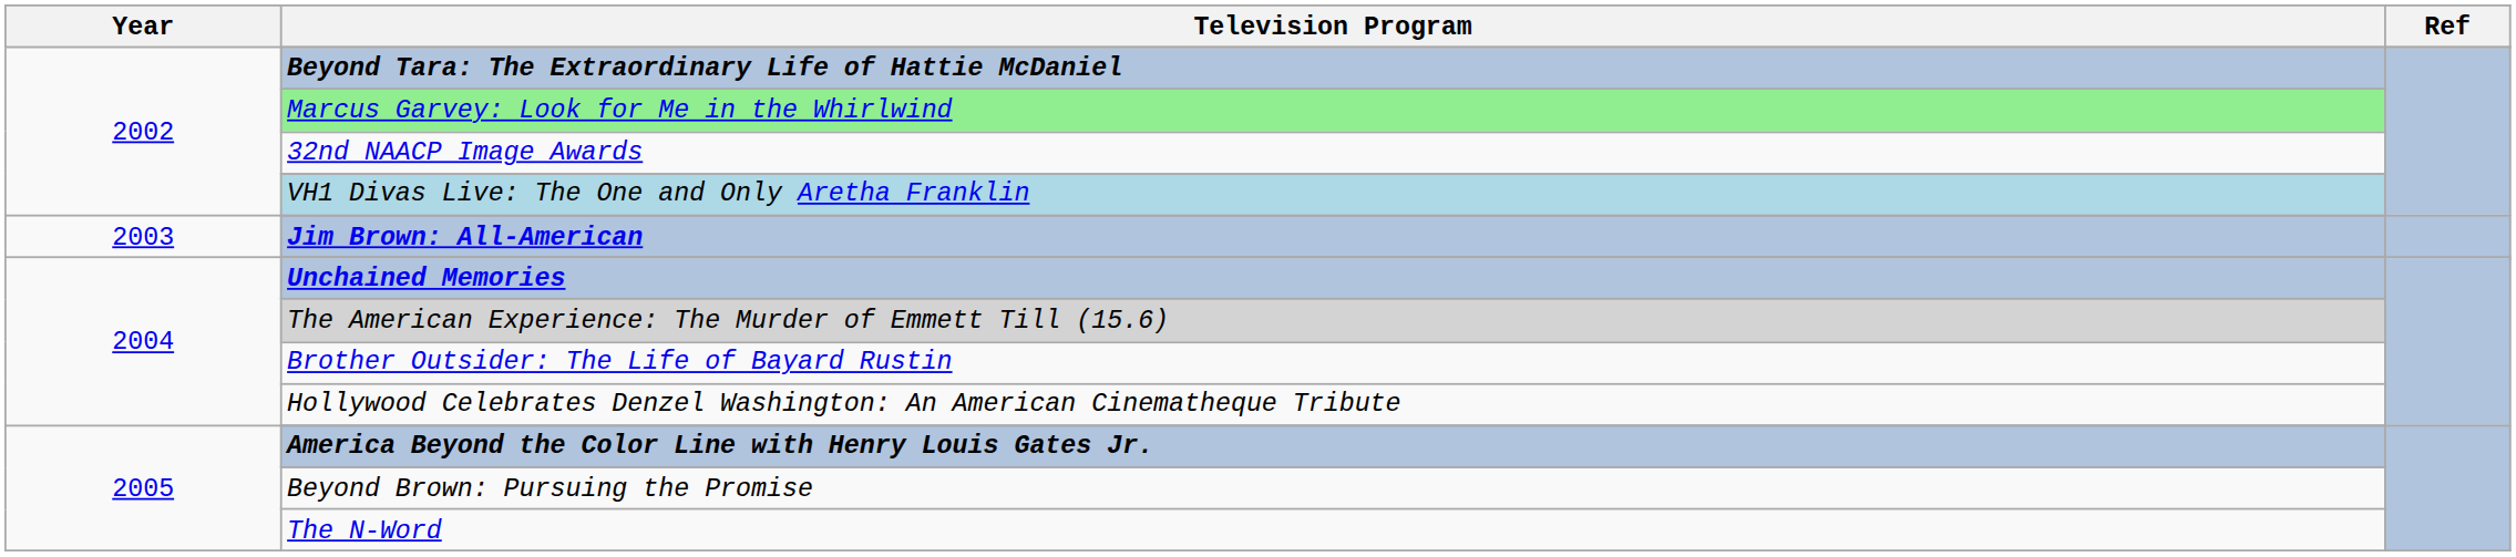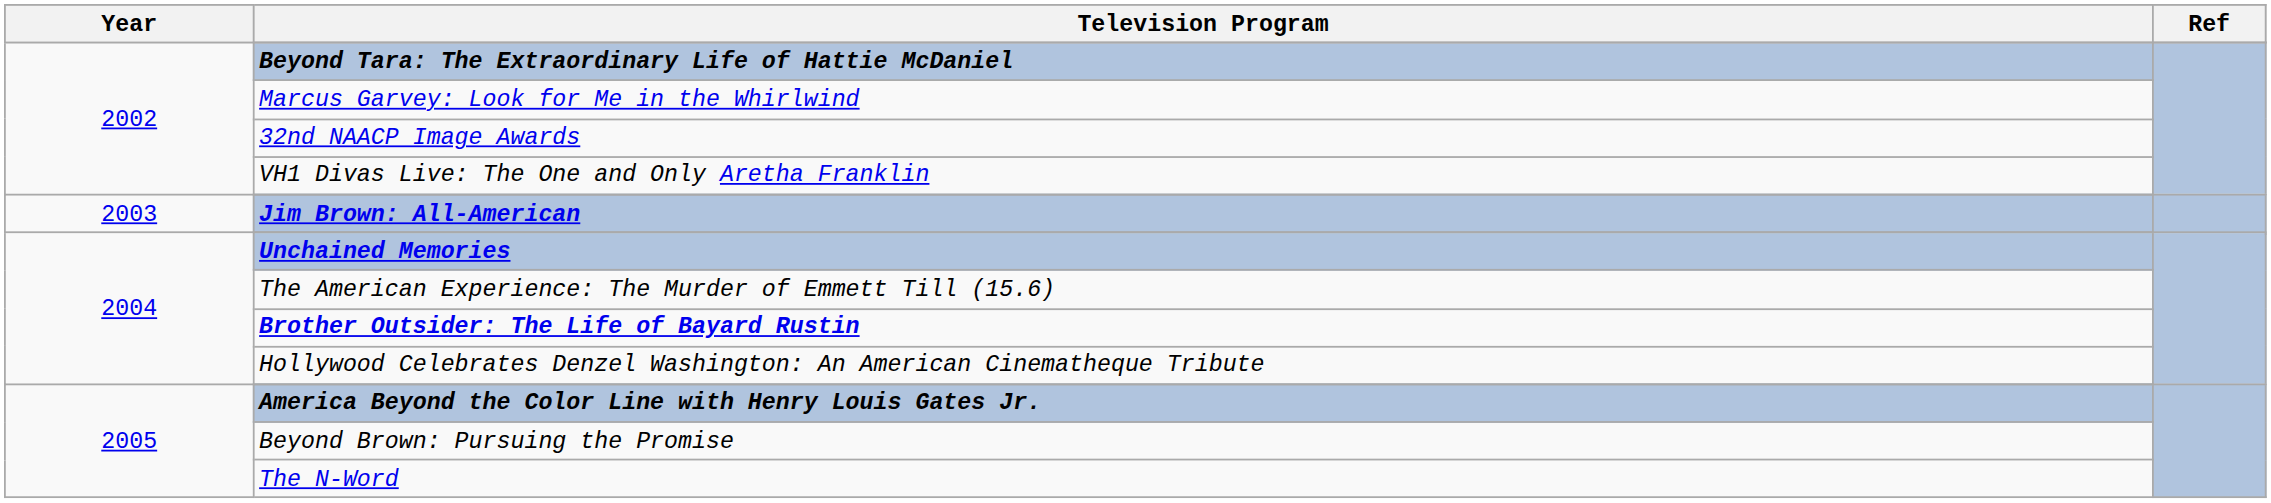 <table class="wikitable" style="width:100%;">
 <tr style="background:#bebebe;">
 <th style="width:11%;">Year</th>
 <th style="width:84%;">Television Program</th>
 <th style="width:5%;">Ref</th>
 </tr>
 <tr>
 <td rowspan="5" align="center"><a href='#'>2002</a></td>
 </tr>
 <tr style="background:#B0C4DE">
 <td><strong><em>Beyond Tara: The Extraordinary Life of Hattie McDaniel</em></strong></td>
 <td rowspan="5" align="center"></td>
 </tr>
 <tr>
-<td style="background: lightgreen;"><em><a href='#'>Marcus Garvey: Look for Me in the Whirlwind</a></em></td>
+<td><em><a href='#'>Marcus Garvey: Look for Me in the Whirlwind</a></em></td>
 </tr>
 <tr>
 <td><em><a href='#'>32nd NAACP Image Awards</a></em></td>
 </tr>
 <tr>
-<td style="background: lightblue;"><em>VH1 Divas Live: The One and Only <a href='#'>Aretha Franklin</a></em></td>
+<td><em>VH1 Divas Live: The One and Only <a href='#'>Aretha Franklin</a></em></td>
 </tr>
 <tr>
 <td rowspan="2" align="center"><a href='#'>2003</a></td>
 </tr>
 <tr style="background:#B0C4DE">
 <td><strong><em><a href='#'>Jim Brown: All-American</a></em></strong></td>
 <td rowspan="2" align="center"></td>
 </tr>
 <tr>
 <td rowspan="5" align="center"><a href='#'>2004</a></td>
 </tr>
 <tr style="background:#B0C4DE">
 <td><strong><em><a href='#'>Unchained Memories</a></em></strong></td>
 <td rowspan="5" align="center"></td>
 </tr>
 <tr>
-<td style="background: lightgrey;"><em>The American Experience: The Murder of Emmett Till (15.6)</em></td>
+<td><em>The American Experience: The Murder of Emmett Till (15.6)</em></td>
 </tr>
 <tr>
-<td><em><a href='#'>Brother Outsider: The Life of Bayard Rustin</a></em></td>
+<td><strong><em><a href='#'>Brother Outsider: The Life of Bayard Rustin</a></em></strong></td>
 </tr>
 <tr>
 <td><em>Hollywood Celebrates Denzel Washington: An American Cinematheque Tribute</em></td>
 </tr>
 <tr>
 <td rowspan="4" align="center"><a href='#'>2005</a></td>
 </tr>
 <tr style="background:#B0C4DE">
 <td><strong><em>America Beyond the Color Line with Henry Louis Gates Jr.</em></strong></td>
 <td rowspan="4" align="center"></td>
 </tr>
 <tr>
 <td><em>Beyond Brown: Pursuing the Promise</em></td>
 </tr>
 <tr>
 <td><em><a href='#'>The N-Word</a></em></td>
 </tr>
 </table>
